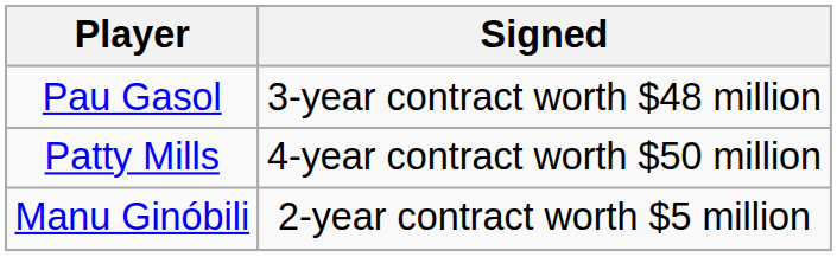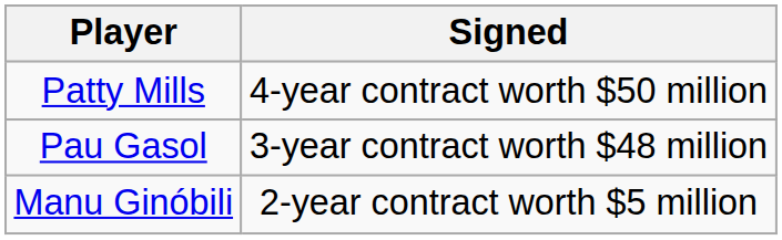 <table class="wikitable sortable sortable">
 <tr>
 <th>Player</th>
 <th>Signed</th>
 </tr>
 <tr style="text-align: center">
+<td><a href='#'>Patty Mills</a></td>
+<td>4-year contract worth $50 million</td>
+</tr>
+<tr style="text-align: center">
 <td><a href='#'>Pau Gasol</a></td>
 <td>3-year contract worth $48 million</td>
-</tr>
-<tr style="text-align: center">
-<td><a href='#'>Patty Mills</a></td>
-<td>4-year contract worth $50 million</td>
 </tr>
 <tr style="text-align: center">
 <td><a href='#'>Manu Ginóbili</a></td>
 <td>2-year contract worth $5 million</td>
 </tr>
 </table>
